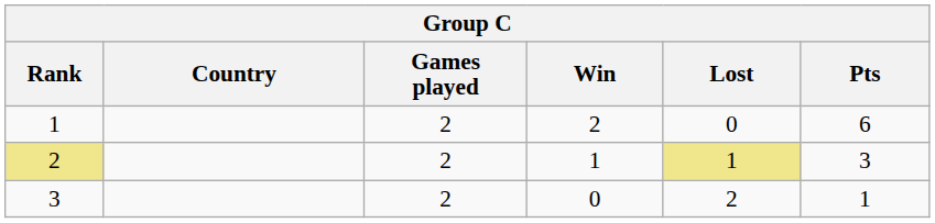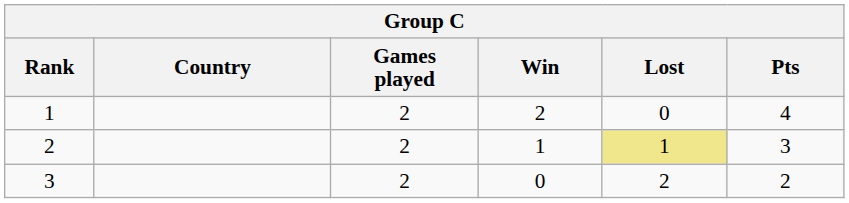 <table class="wikitable" style= "text-align: center; Width:50%">
 <tr>
 <th colspan= 6>Group C</th>
 </tr>
 <tr>
 <th width=2%>Rank</th>
 <th width=10%>Country</th>
 <th width=5%>Games <br> played</th>
 <th width=5%>Win</th>
 <th width=5%>Lost</th>
 <th width=5%>Pts</th>
 </tr>
 <tr>
 <td>1</td>
 <td style= "text-align: left"></td>
 <td>2</td>
 <td>2</td>
 <td>0</td>
-<td>6</td>
+<td>4</td>
 </tr>
 <tr>
-<td style="background: khaki;">2</td>
+<td>2</td>
 <td style= "text-align: left"></td>
 <td>2</td>
 <td>1</td>
 <td style="background: khaki;">1</td>
 <td>3</td>
 </tr>
 <tr>
 <td>3</td>
 <td style= "text-align: left"></td>
 <td>2</td>
 <td>0</td>
 <td>2</td>
-<td>1</td>
+<td>2</td>
 </tr>
 </table>
